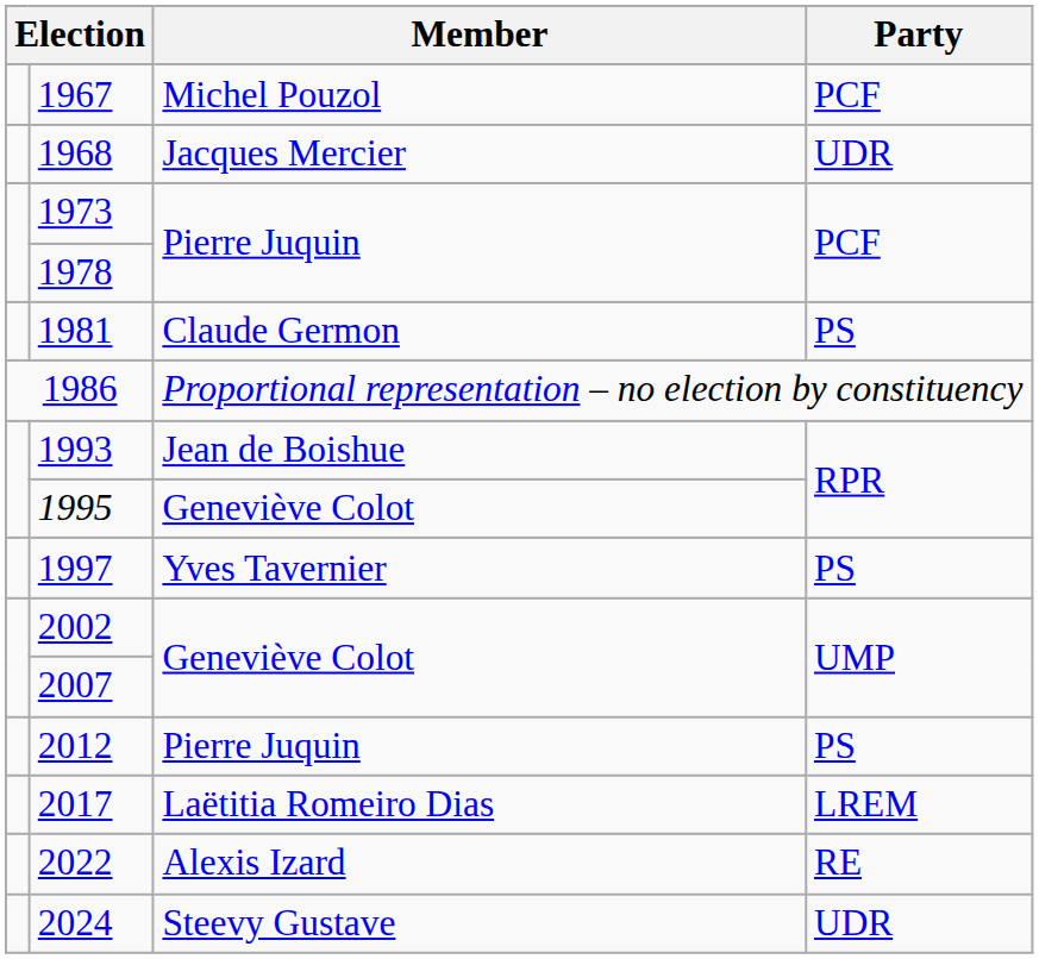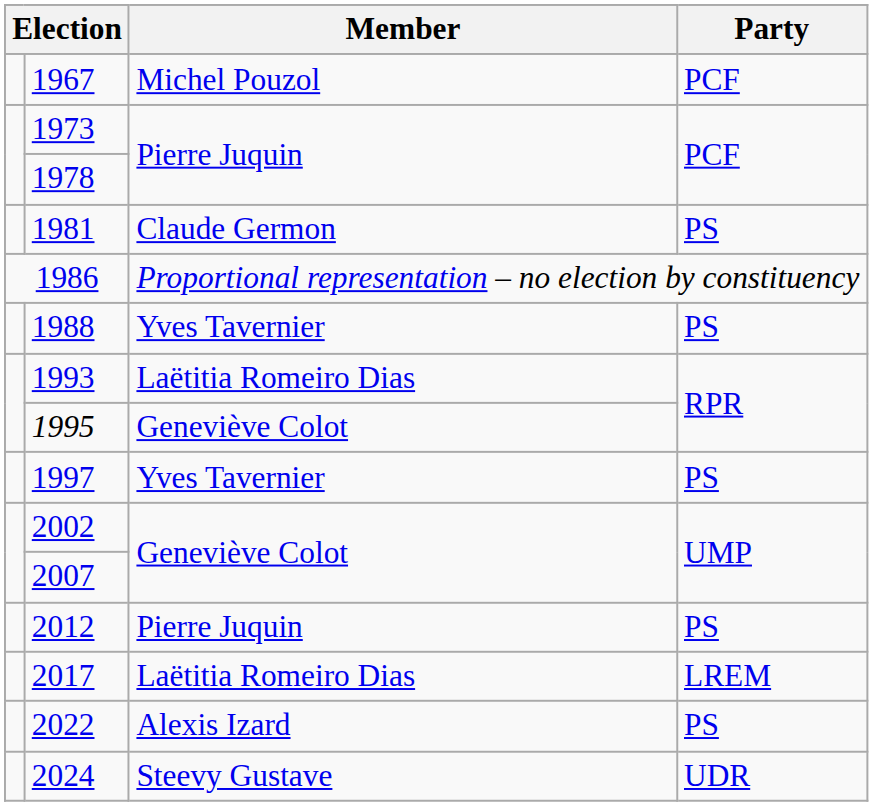 <table class="wikitable">
 <tr>
 <th colspan="2">Election</th>
 <th>Member</th>
 <th>Party</th>
 </tr>
 <tr>
 <td style="color:inherit;background-color: "></td>
 <td><a href='#'>1967</a></td>
 <td><a href='#'>Michel Pouzol</a></td>
 <td><a href='#'>PCF</a></td>
-</tr>
-<tr>
-<td style="color:inherit;background-color: "></td>
-<td><a href='#'>1968</a></td>
-<td><a href='#'>Jacques Mercier</a></td>
-<td><a href='#'>UDR</a></td>
 </tr>
 <tr>
 <td rowspan="2" style="color:inherit;background-color: "></td>
 <td><a href='#'>1973</a></td>
 <td rowspan="2"><a href='#'>Pierre Juquin</a></td>
 <td rowspan="2"><a href='#'>PCF</a></td>
 </tr>
 <tr>
 <td><a href='#'>1978</a></td>
 </tr>
 <tr>
 <td style="color:inherit;background-color: "></td>
 <td><a href='#'>1981</a></td>
 <td><a href='#'>Claude Germon</a></td>
 <td><a href='#'>PS</a></td>
 </tr>
 <tr>
 <td colspan="2" align="center"><a href='#'>1986</a></td>
 <td colspan="2"><em><a href='#'>Proportional representation</a> – no election by constituency</em></td>
 </tr>
 <tr>
+<td style="color:inherit;background-color: "></td>
+<td><a href='#'>1988</a></td>
+<td><a href='#'>Yves Tavernier</a></td>
+<td><a href='#'>PS</a></td>
+</tr>
+<tr>
 <td rowspan="2" style="color:inherit;background-color: "></td>
 <td><a href='#'>1993</a></td>
-<td><a href='#'>Jean de Boishue</a></td>
+<td><a href='#'>Laëtitia Romeiro Dias</a></td>
 <td rowspan="2"><a href='#'>RPR</a></td>
 </tr>
 <tr>
 <td><em>1995</em></td>
 <td><a href='#'>Geneviève Colot</a></td>
 </tr>
 <tr>
 <td style="color:inherit;background-color: "></td>
 <td><a href='#'>1997</a></td>
 <td><a href='#'>Yves Tavernier</a></td>
 <td><a href='#'>PS</a></td>
 </tr>
 <tr>
 <td rowspan="2" style="color:inherit;background-color: "></td>
 <td><a href='#'>2002</a></td>
 <td rowspan="2"><a href='#'>Geneviève Colot</a></td>
 <td rowspan="2"><a href='#'>UMP</a></td>
 </tr>
 <tr>
 <td><a href='#'>2007</a></td>
 </tr>
 <tr>
 <td style="color:inherit;background-color: "></td>
 <td><a href='#'>2012</a></td>
 <td><a href='#'>Pierre Juquin</a></td>
 <td><a href='#'>PS</a></td>
 </tr>
 <tr>
 <td style="color:inherit;background-color: "></td>
 <td><a href='#'>2017</a></td>
 <td><a href='#'>Laëtitia Romeiro Dias</a></td>
 <td><a href='#'>LREM</a></td>
 </tr>
 <tr>
 <td style="color:inherit;background-color: "></td>
 <td><a href='#'>2022</a></td>
 <td><a href='#'>Alexis Izard</a></td>
-<td><a href='#'>RE</a></td>
+<td><a href='#'>PS</a></td>
 </tr>
 <tr>
 <td style="color:inherit;background:"></td>
 <td><a href='#'>2024</a></td>
 <td><a href='#'>Steevy Gustave</a></td>
 <td><a href='#'>UDR</a></td>
 </tr>
 </table>
